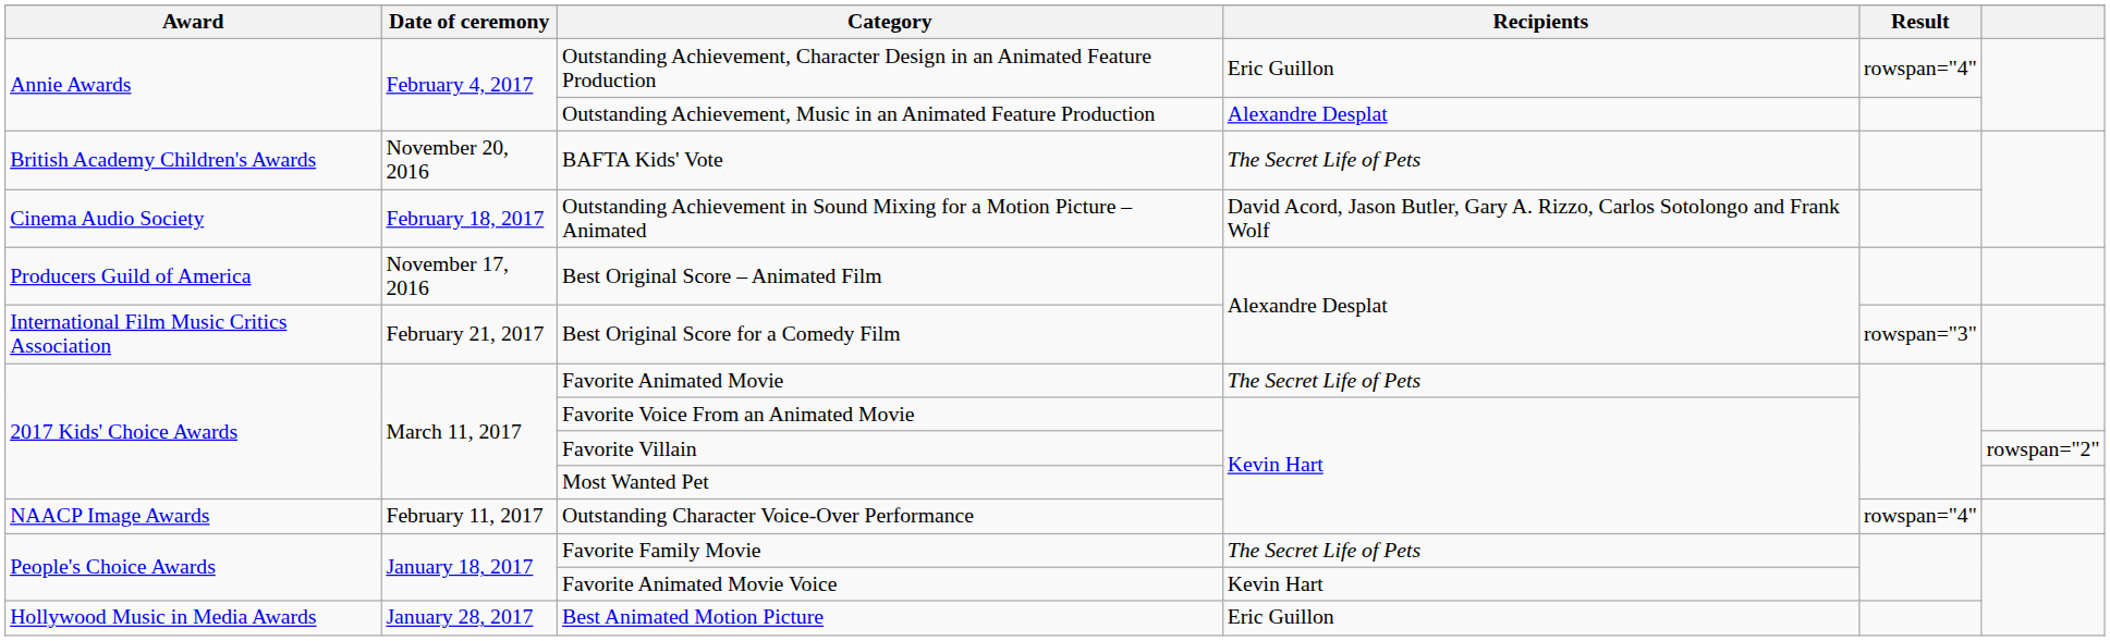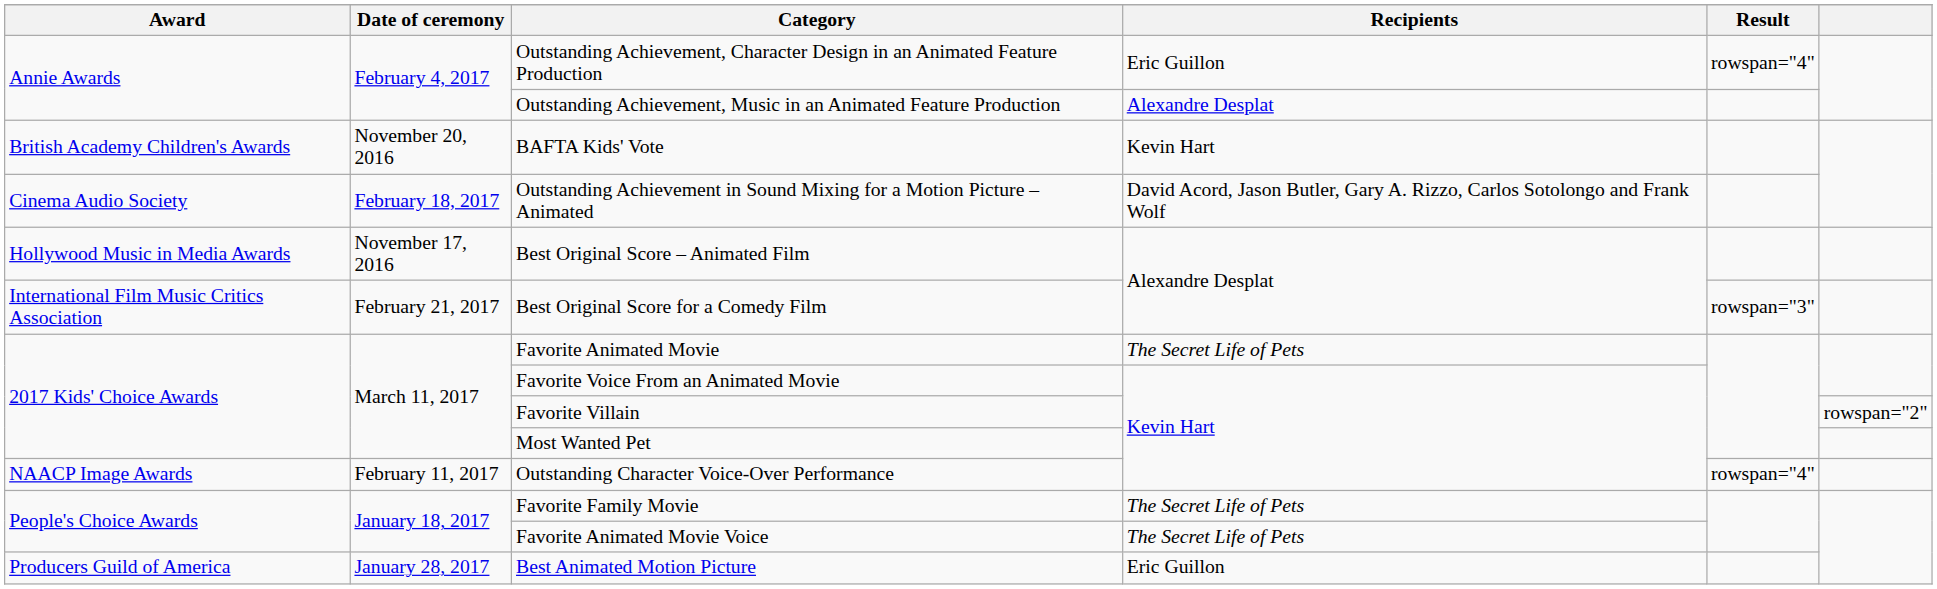 <table class="wikitable sortable">
 <tr style="background:#ccc; text-align:center;">
 </tr>
 <tr style="background:#ccc; text-align:center;">
 <th>Award</th>
 <th>Date of ceremony</th>
 <th>Category</th>
 <th>Recipients</th>
 <th>Result</th>
 <th></th>
 </tr>
 <tr>
 <td rowspan="2"><a href='#'>Annie Awards</a></td>
 <td rowspan="2"><a href='#'>February 4, 2017</a></td>
 <td>Outstanding Achievement, Character Design in an Animated Feature Production</td>
 <td>Eric Guillon</td>
 <td>rowspan="4" </td>
 <td rowspan="2"></td>
 </tr>
 <tr>
 <td>Outstanding Achievement, Music in an Animated Feature Production</td>
 <td><a href='#'>Alexandre Desplat</a></td>
 </tr>
 <tr>
 <td><a href='#'>British Academy Children's Awards</a></td>
 <td>November 20, 2016</td>
 <td>BAFTA Kids' Vote</td>
-<td><em>The Secret Life of Pets</em></td>
+<td>Kevin Hart</td>
 <td></td>
 </tr>
 <tr>
 <td><a href='#'>Cinema Audio Society</a></td>
 <td><a href='#'>February 18, 2017</a></td>
 <td>Outstanding Achievement in Sound Mixing for a Motion Picture – Animated</td>
 <td>David Acord, Jason Butler, Gary A. Rizzo, Carlos Sotolongo and Frank Wolf</td>
 <td></td>
 </tr>
 <tr>
-<td><a href='#'>Producers Guild of America</a></td>
+<td><a href='#'>Hollywood Music in Media Awards</a></td>
 <td>November 17, 2016</td>
 <td>Best Original Score – Animated Film</td>
 <td rowspan="2">Alexandre Desplat</td>
 <td></td>
 <td></td>
 </tr>
 <tr>
 <td><a href='#'>International Film Music Critics Association</a></td>
 <td>February 21, 2017</td>
 <td>Best Original Score for a Comedy Film</td>
 <td>rowspan="3" </td>
 <td style="text-align:center;"></td>
 </tr>
 <tr>
 <td rowspan="4"><a href='#'>2017 Kids' Choice Awards</a></td>
 <td rowspan="4">March 11, 2017</td>
 <td>Favorite Animated Movie</td>
 <td><em>The Secret Life of Pets</em></td>
 <td rowspan="4"></td>
 </tr>
 <tr>
 <td>Favorite Voice From an Animated Movie</td>
 <td rowspan="4"><a href='#'>Kevin Hart</a></td>
 </tr>
 <tr>
 <td>Favorite Villain</td>
 <td>rowspan="2" </td>
 </tr>
 <tr>
 <td>Most Wanted Pet</td>
 </tr>
 <tr>
 <td><a href='#'>NAACP Image Awards</a></td>
 <td>February 11, 2017</td>
 <td>Outstanding Character Voice-Over Performance</td>
 <td>rowspan="4" </td>
 <td></td>
 </tr>
 <tr>
 <td rowspan="2"><a href='#'>People's Choice Awards</a></td>
 <td rowspan="2"><a href='#'>January 18, 2017</a></td>
 <td>Favorite Family Movie</td>
 <td><em>The Secret Life of Pets</em></td>
 <td rowspan="2"></td>
 </tr>
 <tr>
 <td>Favorite Animated Movie Voice</td>
-<td>Kevin Hart</td>
+<td><em>The Secret Life of Pets</em></td>
 </tr>
 <tr>
-<td><a href='#'>Hollywood Music in Media Awards</a></td>
+<td><a href='#'>Producers Guild of America</a></td>
 <td><a href='#'>January 28, 2017</a></td>
 <td><a href='#'>Best Animated Motion Picture</a></td>
 <td>Eric Guillon</td>
 <td></td>
 </tr>
 </table>
